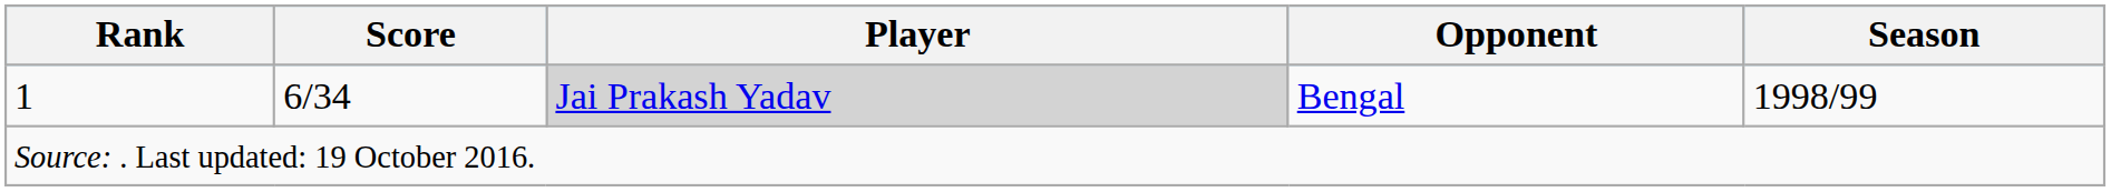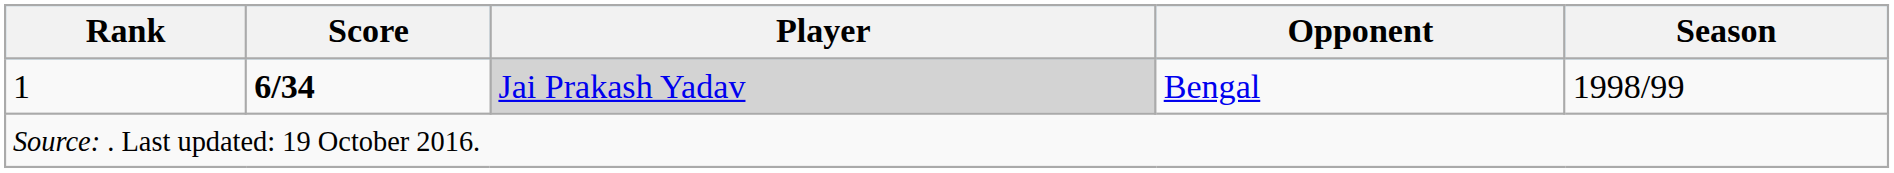 <table class="wikitable" width=70%>
 <tr bgcolor=#87cefa>
 <th>Rank</th>
 <th>Score</th>
 <th>Player</th>
 <th>Opponent</th>
 <th>Season</th>
 </tr>
 <tr>
 <td>1</td>
-<td>6/34</td>
+<td><strong>6/34</strong></td>
 <td style="background: lightgrey;"><a href='#'>Jai Prakash Yadav</a></td>
 <td><a href='#'>Bengal</a></td>
 <td>1998/99</td>
 </tr>
 <tr>
 <td colspan=5><small><em>Source: </em>. Last updated: 19 October 2016.</small></td>
 </tr>
 </table>
